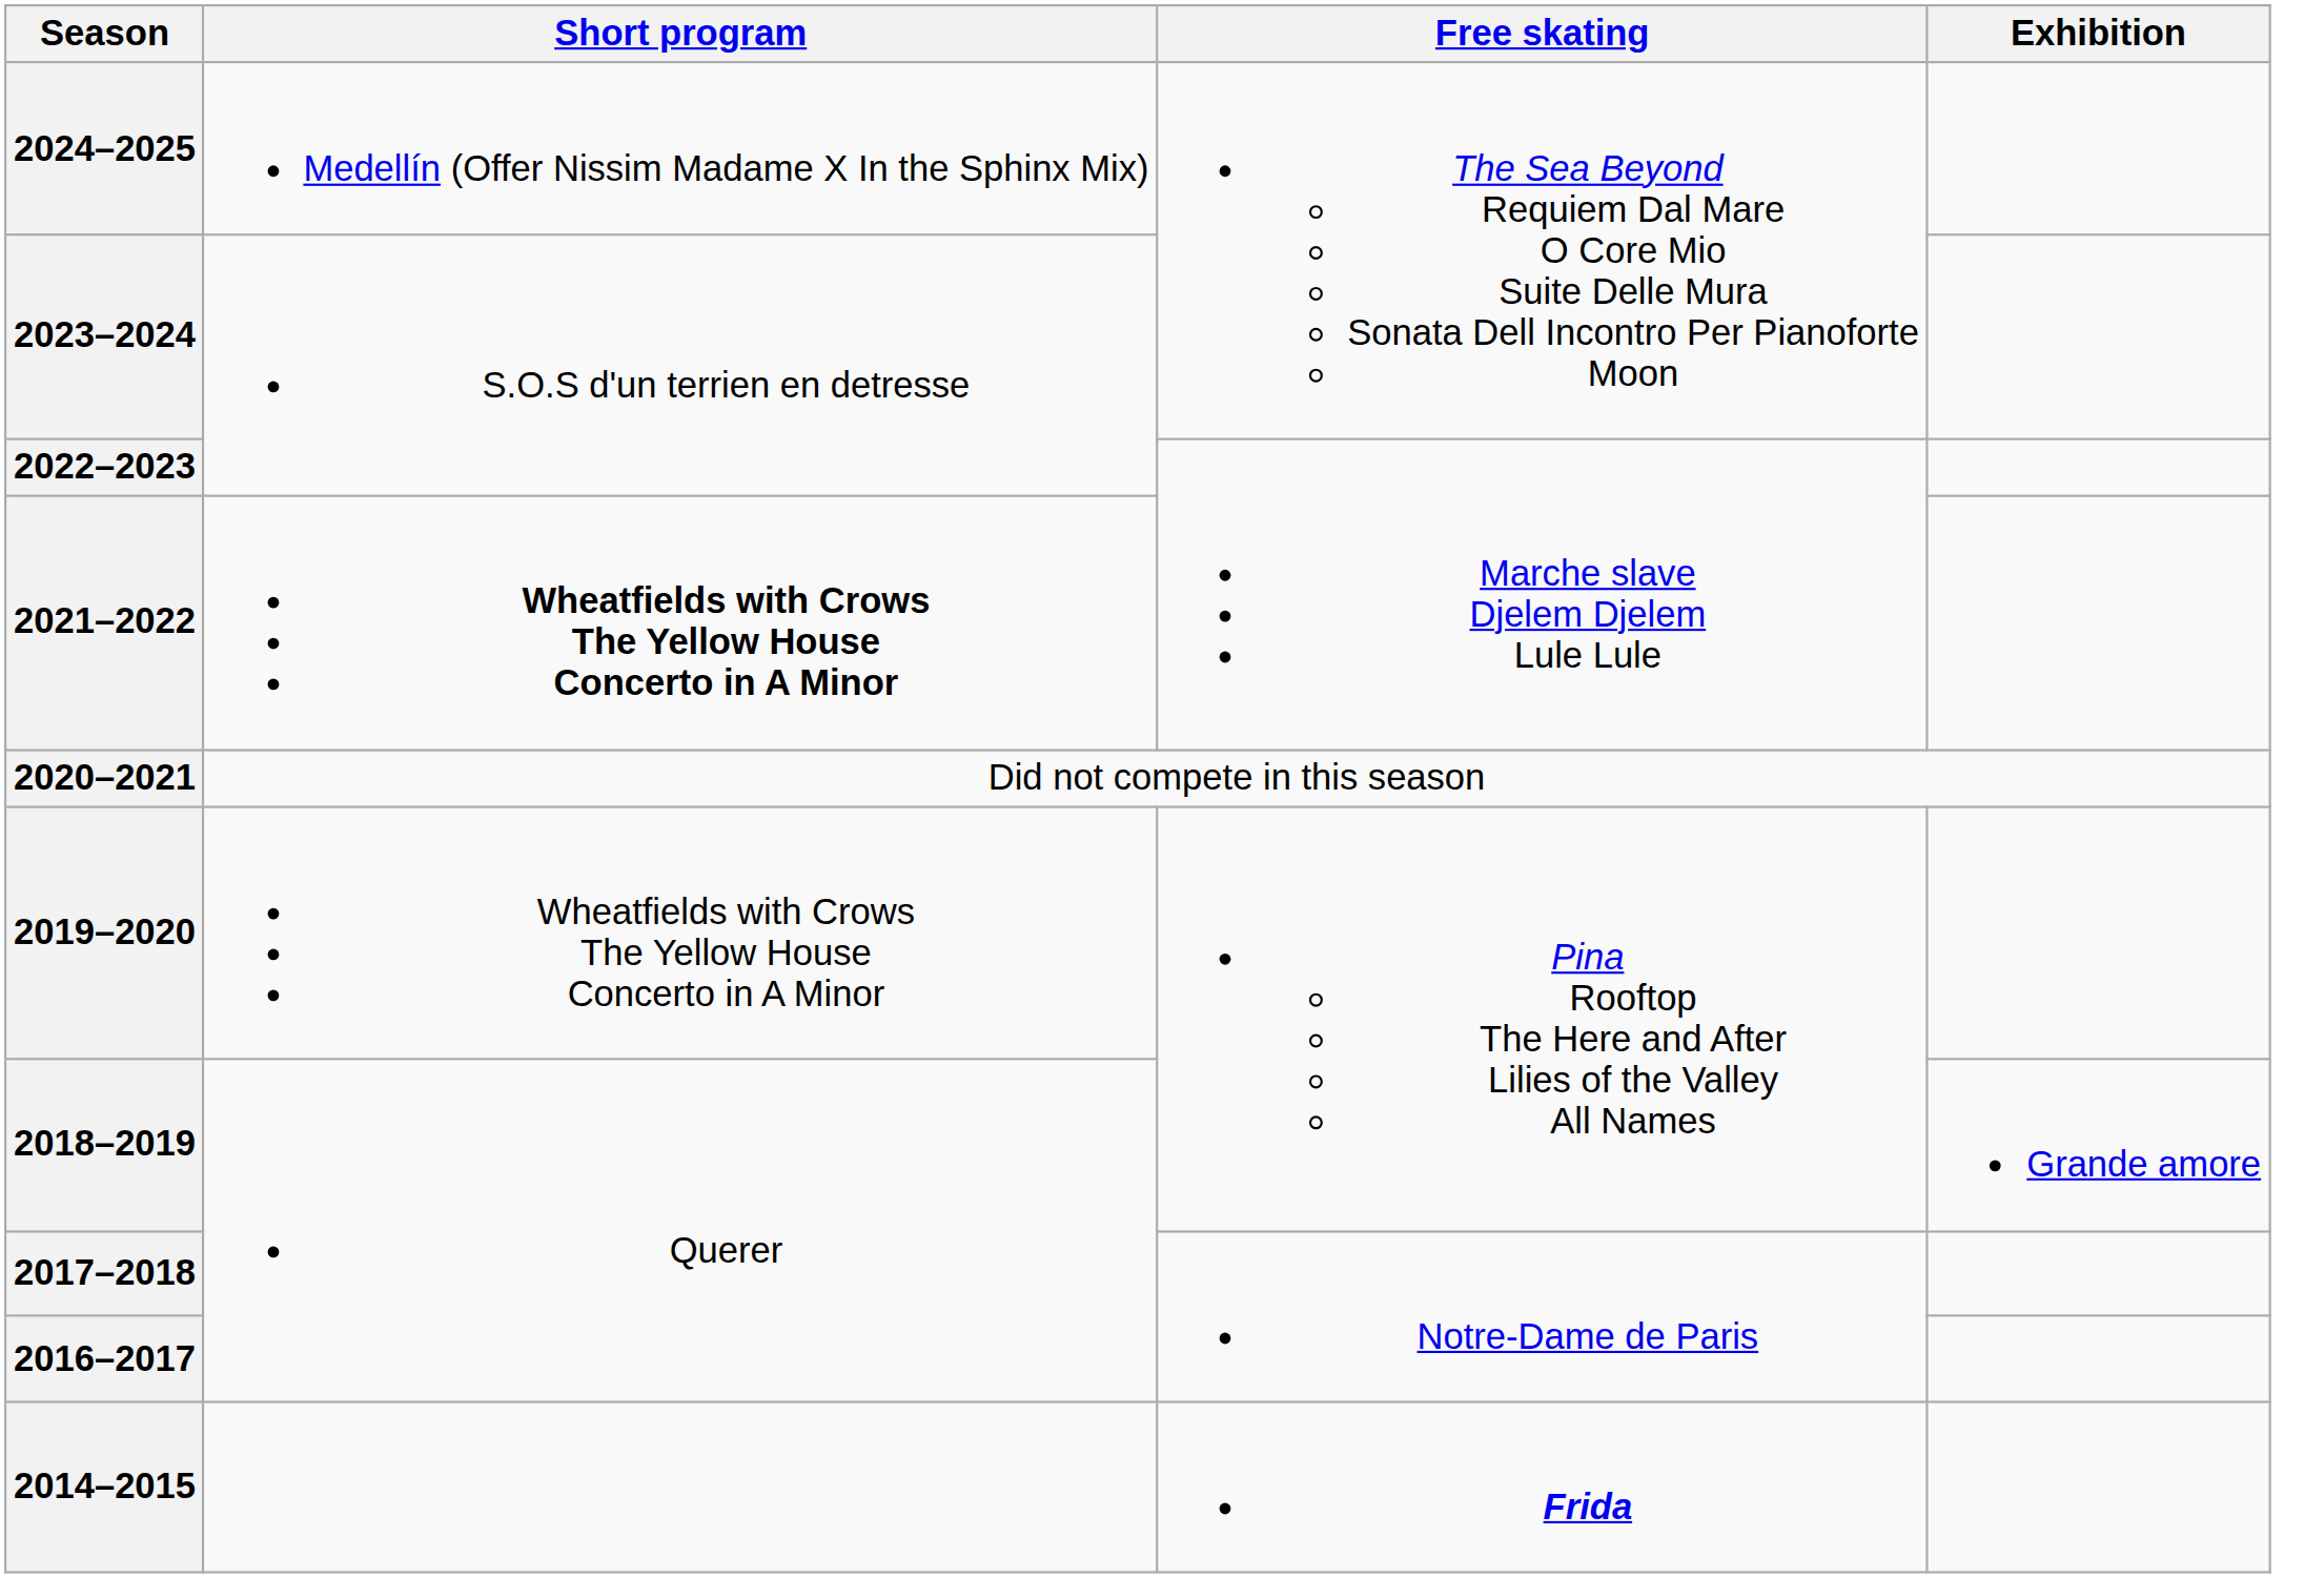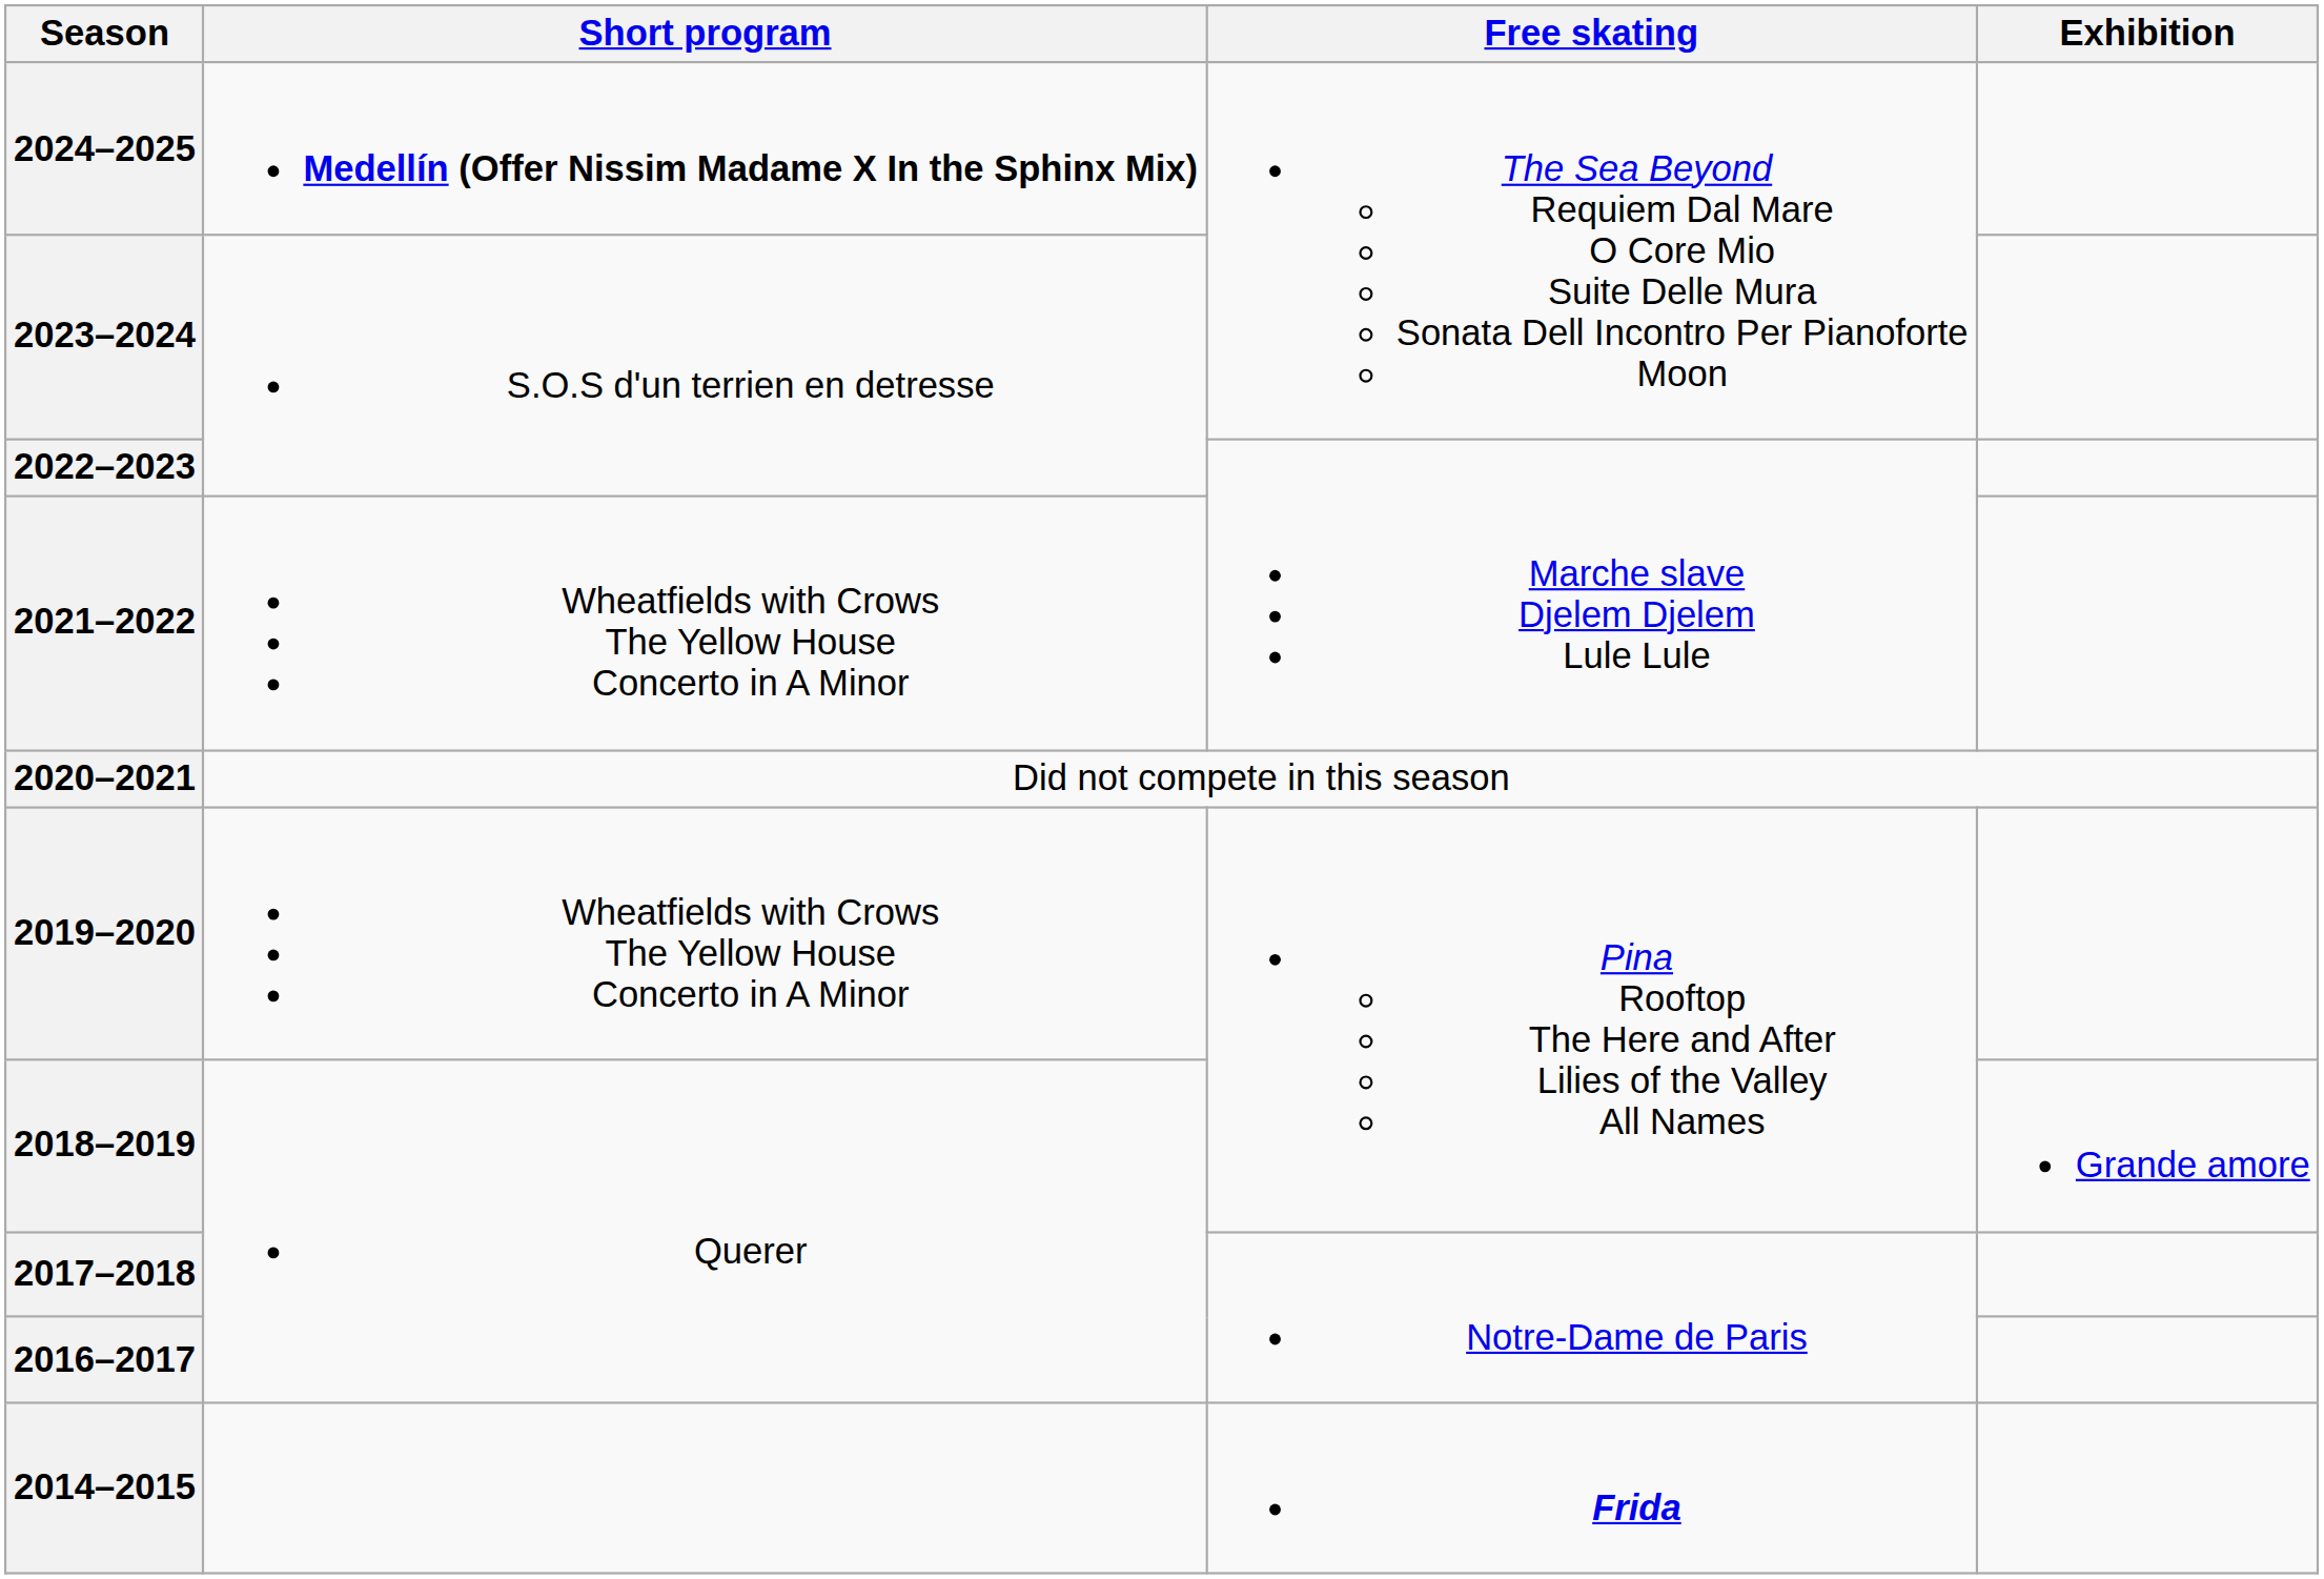 <table class=wikitable style=text-align:center>
 <tr>
 <th>Season</th>
 <th><a href='#'>Short program</a></th>
 <th><a href='#'>Free skating</a></th>
 <th>Exhibition</th>
 </tr>
 <tr>
 <th>2024–2025</th>
-<td><br><ul><li><a href='#'>Medellín</a> (Offer Nissim Madame X In the Sphinx Mix) <br> </li></ul></td>
+<td><strong><br><ul><li><a href='#'>Medellín</a> (Offer Nissim Madame X In the Sphinx Mix) <br> </li></ul></strong></td>
 <td rowspan=2><br><ul><li><em><a href='#'>The Sea Beyond</a></em><ul><li>Requiem Dal Mare</li><li>O Core Mio</li><li>Suite Delle Mura</li><li>Sonata Dell Incontro Per Pianoforte</li><li>Moon<br></li></ul></li></ul></td>
 <td></td>
 </tr>
 <tr>
 <th>2023–2024 <br> </th>
 <td rowspan=2><br><ul><li>S.O.S d'un terrien en detresse<br></li></ul></td>
 <td></td>
 </tr>
 <tr>
 <th>2022–2023 <br> </th>
 <td rowspan=2><br><ul><li><a href='#'>Marche slave</a> <br></li><li><a href='#'>Djelem Djelem</a></li><li>Lule Lule<br></li></ul></td>
 <td></td>
 </tr>
 <tr>
 <th>2021–2022 <br> </th>
-<td><strong><br><ul><li>Wheatfields with Crows</li><li>The Yellow House <br></li><li>Concerto in A Minor <br></li></ul></strong></td>
+<td><br><ul><li>Wheatfields with Crows</li><li>The Yellow House <br></li><li>Concerto in A Minor <br></li></ul></td>
 <td></td>
 </tr>
 <tr>
 <th>2020–2021 <br></th>
 <td colspan="3">Did not compete in this season</td>
 </tr>
 <tr>
 <th>2019–2020 <br></th>
 <td><br><ul><li>Wheatfields with Crows</li><li>The Yellow House <br></li><li>Concerto in A Minor <br></li></ul></td>
 <td rowspan=2><br><ul><li><em><a href='#'>Pina</a></em><ul><li>Rooftop <br></li><li>The Here and After</li><li>Lilies of the Valley</li><li>All Names <br></li></ul></li></ul></td>
 <td></td>
 </tr>
 <tr>
 <th>2018–2019 <br> </th>
 <td rowspan=3><br><ul><li>Querer <br></li></ul></td>
 <td><br><ul><li><a href='#'>Grande amore</a> <br></li></ul></td>
 </tr>
 <tr>
 <th>2017–2018</th>
 <td rowspan=2><br><ul><li><a href='#'>Notre-Dame de Paris</a> <br></li></ul></td>
 <td></td>
 </tr>
 <tr>
 <th>2016–2017</th>
 </tr>
 <tr>
 <th>2014–2015</th>
 <td></td>
 <td><strong><br><ul><li><em><a href='#'>Frida</a></em> <br></li></ul></strong></td>
 <td></td>
 </tr>
 </table>
